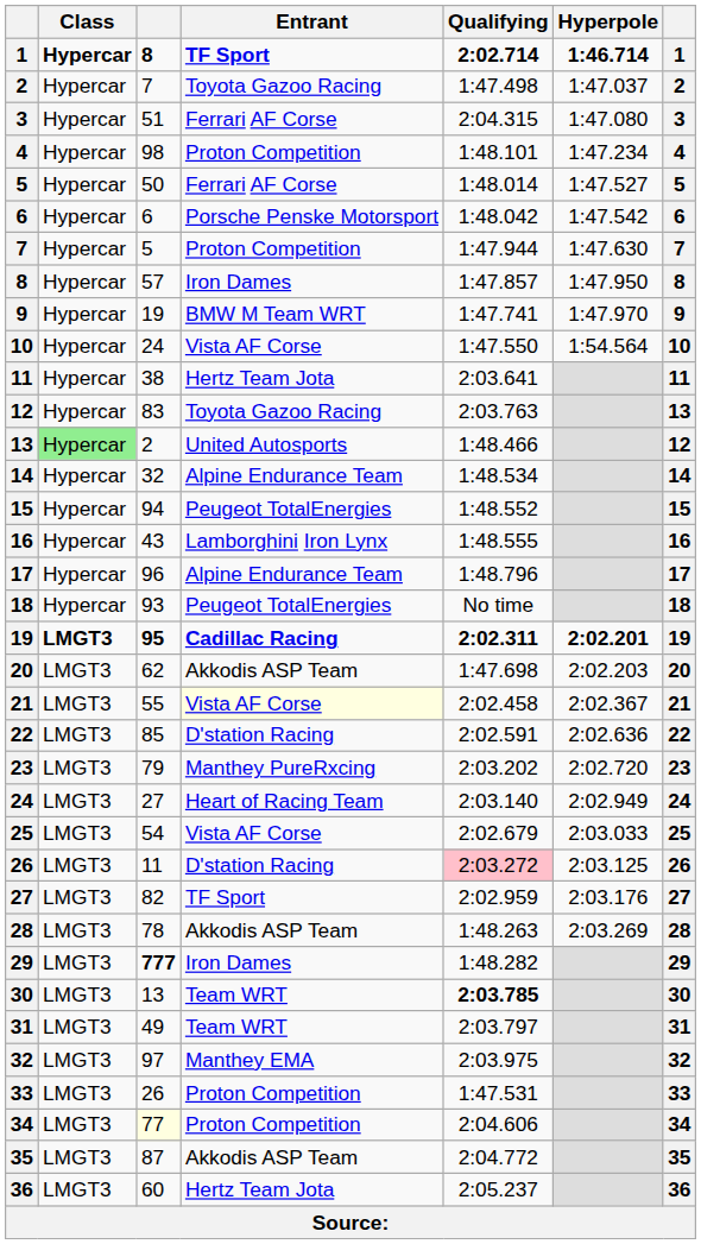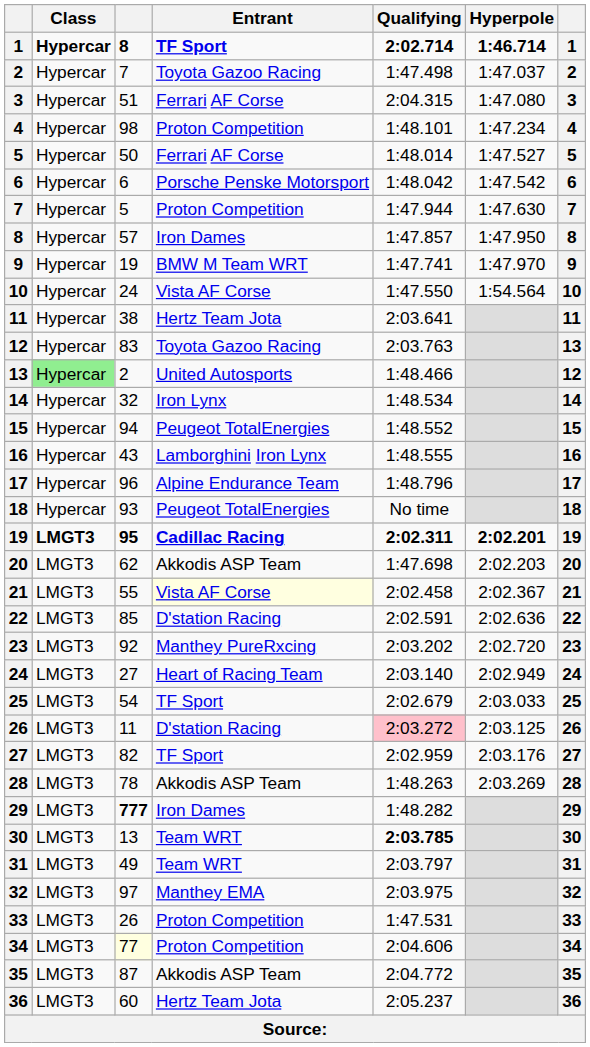 <table class="wikitable sortable" style="font-size:90%;">
 <tr>
 <th></th>
 <th>Class</th>
 <th></th>
 <th>Entrant</th>
 <th>Qualifying</th>
 <th>Hyperpole</th>
 <th></th>
 </tr>
 <tr style="font-weight:bold">
 <th>1</th>
 <td>Hypercar</td>
 <td>8</td>
 <td> <a href='#'>TF Sport</a></td>
 <td style="text-align:center;">2:02.714</td>
 <td style="text-align:center;">1:46.714</td>
 <th>1</th>
 </tr>
 <tr>
 <th>2</th>
 <td>Hypercar</td>
 <td>7</td>
 <td> <a href='#'>Toyota Gazoo Racing</a></td>
 <td style="text-align:center;">1:47.498</td>
 <td style="text-align:center;">1:47.037</td>
 <th>2</th>
 </tr>
 <tr>
 <th>3</th>
 <td>Hypercar</td>
 <td>51</td>
 <td> <a href='#'>Ferrari</a> <a href='#'>AF Corse</a></td>
 <td style="text-align:center;">2:04.315</td>
 <td style="text-align:center;">1:47.080</td>
 <th>3</th>
 </tr>
 <tr>
 <th>4</th>
 <td>Hypercar</td>
 <td>98</td>
 <td> <a href='#'>Proton Competition</a></td>
 <td style="text-align:center;">1:48.101</td>
 <td style="text-align:center;">1:47.234</td>
 <th>4</th>
 </tr>
 <tr>
 <th>5</th>
 <td>Hypercar</td>
 <td>50</td>
 <td> <a href='#'>Ferrari</a> <a href='#'>AF Corse</a></td>
 <td style="text-align:center;">1:48.014</td>
 <td style="text-align:center;">1:47.527</td>
 <th>5</th>
 </tr>
 <tr>
 <th>6</th>
 <td>Hypercar</td>
 <td>6</td>
 <td> <a href='#'>Porsche Penske Motorsport</a></td>
 <td style="text-align:center;">1:48.042</td>
 <td style="text-align:center;">1:47.542</td>
 <th>6</th>
 </tr>
 <tr>
 <th>7</th>
 <td>Hypercar</td>
 <td>5</td>
 <td> <a href='#'>Proton Competition</a></td>
 <td style="text-align:center;">1:47.944</td>
 <td style="text-align:center;">1:47.630</td>
 <th>7</th>
 </tr>
 <tr>
 <th>8</th>
 <td>Hypercar</td>
 <td>57</td>
 <td> <a href='#'>Iron Dames</a></td>
 <td style="text-align:center;">1:47.857</td>
 <td style="text-align:center;">1:47.950</td>
 <th>8</th>
 </tr>
 <tr>
 <th>9</th>
 <td>Hypercar</td>
 <td>19</td>
 <td> <a href='#'>BMW M Team WRT</a></td>
 <td style="text-align:center;">1:47.741</td>
 <td style="text-align:center;">1:47.970</td>
 <th>9</th>
 </tr>
 <tr>
 <th>10</th>
 <td>Hypercar</td>
 <td>24</td>
 <td> <a href='#'>Vista AF Corse</a></td>
 <td style="text-align:center;">1:47.550</td>
 <td style="text-align:center;">1:54.564</td>
 <th>10</th>
 </tr>
 <tr>
 <th>11</th>
 <td>Hypercar</td>
 <td>38</td>
 <td> <a href='#'>Hertz Team Jota</a></td>
 <td style="text-align:center;">2:03.641</td>
 <td style="text-align:center; background:#ddd;"></td>
 <th>11</th>
 </tr>
 <tr>
 <th>12</th>
 <td>Hypercar</td>
 <td>83</td>
 <td> <a href='#'>Toyota Gazoo Racing</a></td>
 <td style="text-align:center;">2:03.763</td>
 <td style="text-align:center; background:#ddd;"></td>
 <th>13</th>
 </tr>
 <tr>
 <th>13</th>
 <td style="background: lightgreen;">Hypercar</td>
 <td>2</td>
 <td> <a href='#'>United Autosports</a></td>
 <td style="text-align:center;">1:48.466</td>
 <td style="text-align:center; background:#ddd;"></td>
 <th>12</th>
 </tr>
 <tr>
 <th>14</th>
 <td>Hypercar</td>
 <td>32</td>
-<td> <a href='#'>Alpine Endurance Team</a></td>
+<td> <a href='#'>Iron Lynx</a></td>
 <td style="text-align:center;">1:48.534</td>
 <td style="text-align:center; background:#ddd;"></td>
 <th>14</th>
 </tr>
 <tr>
 <th>15</th>
 <td>Hypercar</td>
 <td>94</td>
 <td> <a href='#'>Peugeot TotalEnergies</a></td>
 <td style="text-align:center;">1:48.552</td>
 <td style="text-align:center; background:#ddd;"></td>
 <th>15</th>
 </tr>
 <tr>
 <th>16</th>
 <td>Hypercar</td>
 <td>43</td>
 <td> <a href='#'>Lamborghini</a> <a href='#'>Iron Lynx</a></td>
 <td style="text-align:center;">1:48.555</td>
 <td style="text-align:center; background:#ddd;"></td>
 <th>16</th>
 </tr>
 <tr>
 <th>17</th>
 <td>Hypercar</td>
 <td>96</td>
 <td> <a href='#'>Alpine Endurance Team</a></td>
 <td style="text-align:center;">1:48.796</td>
 <td style="text-align:center; background:#ddd;"></td>
 <th>17</th>
 </tr>
 <tr>
 <th>18</th>
 <td>Hypercar</td>
 <td>93</td>
 <td> <a href='#'>Peugeot TotalEnergies</a></td>
 <td style="text-align:center;">No time</td>
 <td style="text-align:center; background:#ddd;"></td>
 <th>18</th>
 </tr>
 <tr style="font-weight:bold">
 <th>19</th>
 <td>LMGT3</td>
 <td>95</td>
 <td> <a href='#'>Cadillac Racing</a></td>
 <td style="text-align:center;">2:02.311</td>
 <td style="text-align:center;">2:02.201</td>
 <th>19</th>
 </tr>
 <tr>
 <th>20</th>
 <td>LMGT3</td>
 <td>62</td>
 <td> Akkodis ASP Team</td>
 <td style="text-align:center;">1:47.698</td>
 <td style="text-align:center;">2:02.203</td>
 <th>20</th>
 </tr>
 <tr>
 <th>21</th>
 <td>LMGT3</td>
 <td>55</td>
 <td style="background: lightyellow;"> <a href='#'>Vista AF Corse</a></td>
 <td style="text-align:center;">2:02.458</td>
 <td style="text-align:center;">2:02.367</td>
 <th>21</th>
 </tr>
 <tr>
 <th>22</th>
 <td>LMGT3</td>
 <td>85</td>
 <td> <a href='#'>D'station Racing</a></td>
 <td style="text-align:center;">2:02.591</td>
 <td style="text-align:center;">2:02.636</td>
 <th>22</th>
 </tr>
 <tr>
 <th>23</th>
 <td>LMGT3</td>
-<td>79</td>
+<td>92</td>
 <td> <a href='#'>Manthey PureRxcing</a></td>
 <td style="text-align:center;">2:03.202</td>
 <td style="text-align:center;">2:02.720</td>
 <th>23</th>
 </tr>
 <tr>
 <th>24</th>
 <td>LMGT3</td>
 <td>27</td>
 <td> <a href='#'>Heart of Racing Team</a></td>
 <td style="text-align:center;">2:03.140</td>
 <td style="text-align:center;">2:02.949</td>
 <th>24</th>
 </tr>
 <tr>
 <th>25</th>
 <td>LMGT3</td>
 <td>54</td>
-<td> <a href='#'>Vista AF Corse</a></td>
+<td> <a href='#'>TF Sport</a></td>
 <td style="text-align:center;">2:02.679</td>
 <td style="text-align:center;">2:03.033</td>
 <th>25</th>
 </tr>
 <tr>
 <th>26</th>
 <td>LMGT3</td>
 <td>11</td>
 <td> <a href='#'>D'station Racing</a></td>
 <td style="background: pink; text-align:center;">2:03.272</td>
 <td style="text-align:center;">2:03.125</td>
 <th>26</th>
 </tr>
 <tr>
 <th>27</th>
 <td>LMGT3</td>
 <td>82</td>
 <td> <a href='#'>TF Sport</a></td>
 <td style="text-align:center;">2:02.959</td>
 <td style="text-align:center;">2:03.176</td>
 <th>27</th>
 </tr>
 <tr>
 <th>28</th>
 <td>LMGT3</td>
 <td>78</td>
 <td> Akkodis ASP Team</td>
 <td style="text-align:center;">1:48.263</td>
 <td style="text-align:center;">2:03.269</td>
 <th>28</th>
 </tr>
 <tr>
 <th>29</th>
 <td>LMGT3</td>
 <td><strong>777</strong></td>
 <td> <a href='#'>Iron Dames</a></td>
 <td style="text-align:center;">1:48.282</td>
 <td style="text-align:center; background:#ddd;"></td>
 <th>29</th>
 </tr>
 <tr>
 <th>30</th>
 <td>LMGT3</td>
 <td>13</td>
 <td> <a href='#'>Team WRT</a></td>
 <td style="text-align:center;"><strong>2:03.785</strong></td>
 <td style="text-align:center; background:#ddd;"></td>
 <th>30</th>
 </tr>
 <tr>
 <th>31</th>
 <td>LMGT3</td>
 <td>49</td>
 <td> <a href='#'>Team WRT</a></td>
 <td style="text-align:center;">2:03.797</td>
 <td style="text-align:center; background:#ddd;"></td>
 <th>31</th>
 </tr>
 <tr>
 <th>32</th>
 <td>LMGT3</td>
 <td>97</td>
 <td> <a href='#'>Manthey EMA</a></td>
 <td style="text-align:center;">2:03.975</td>
 <td style="text-align:center; background:#ddd;"></td>
 <th>32</th>
 </tr>
 <tr>
 <th>33</th>
 <td>LMGT3</td>
 <td>26</td>
 <td> <a href='#'>Proton Competition</a></td>
 <td style="text-align:center;">1:47.531</td>
 <td style="text-align:center; background:#ddd;"></td>
 <th>33</th>
 </tr>
 <tr>
 <th>34</th>
 <td>LMGT3</td>
 <td style="background: lightyellow;">77</td>
 <td> <a href='#'>Proton Competition</a></td>
 <td style="text-align:center;">2:04.606</td>
 <td style="text-align:center; background:#ddd;"></td>
 <th>34</th>
 </tr>
 <tr>
 <th>35</th>
 <td>LMGT3</td>
 <td>87</td>
 <td> Akkodis ASP Team</td>
 <td style="text-align:center;">2:04.772</td>
 <td style="text-align:center; background:#ddd;"></td>
 <th>35</th>
 </tr>
 <tr>
 <th>36</th>
 <td>LMGT3</td>
 <td>60</td>
 <td> <a href='#'>Hertz Team Jota</a></td>
 <td style="text-align:center;">2:05.237</td>
 <td style="text-align:center; background:#ddd;"></td>
 <th>36</th>
 </tr>
 <tr>
 <th colspan="7">Source:</th>
 </tr>
 </table>
